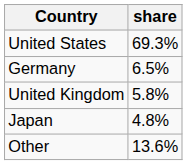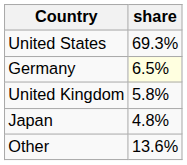 <table class="wikitable floatright">
 <tr>
 <th>Country</th>
 <th>share</th>
 </tr>
 <tr>
 <td>United States</td>
 <td>69.3%</td>
 </tr>
 <tr>
 <td>Germany</td>
-<td>6.5%</td>
+<td style="background: lightyellow;">6.5%</td>
 </tr>
 <tr>
 <td>United Kingdom</td>
 <td>5.8%</td>
 </tr>
 <tr>
 <td>Japan</td>
 <td>4.8%</td>
 </tr>
 <tr>
 <td>Other</td>
 <td>13.6%</td>
 </tr>
 </table>
